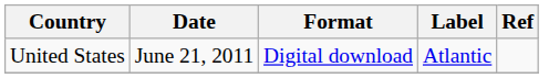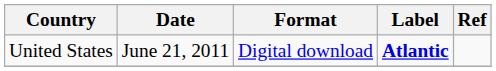 <table class="wikitable">
 <tr>
 <th>Country</th>
 <th>Date</th>
 <th>Format</th>
 <th>Label</th>
 <th>Ref</th>
 </tr>
 <tr>
 <td>United States</td>
 <td rowspan="1">June 21, 2011</td>
 <td rowspan="1"><a href='#'>Digital download</a></td>
-<td rowspan="1"><a href='#'>Atlantic</a></td>
+<td rowspan="1"><strong><a href='#'>Atlantic</a></strong></td>
 <td></td>
 </tr>
 <tr>
 </tr>
 </table>
